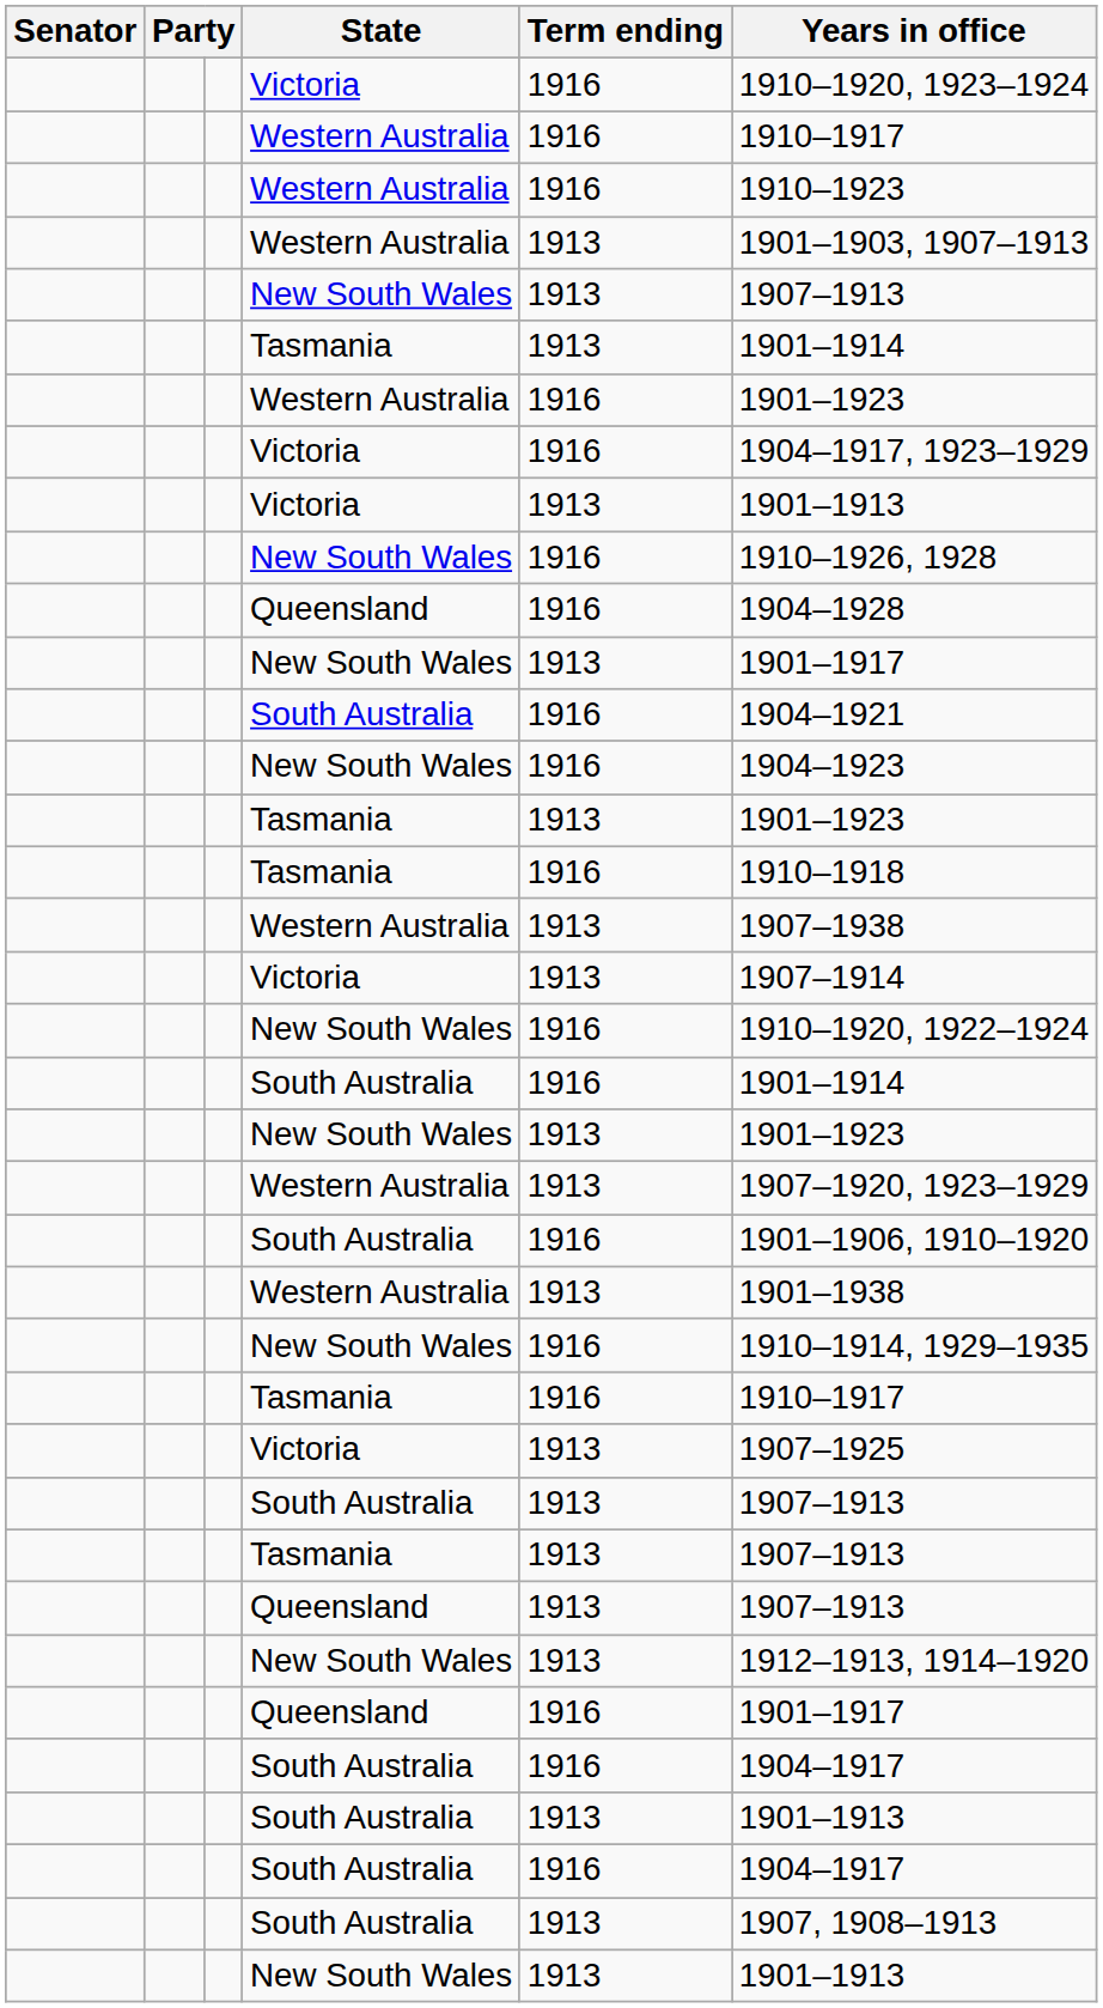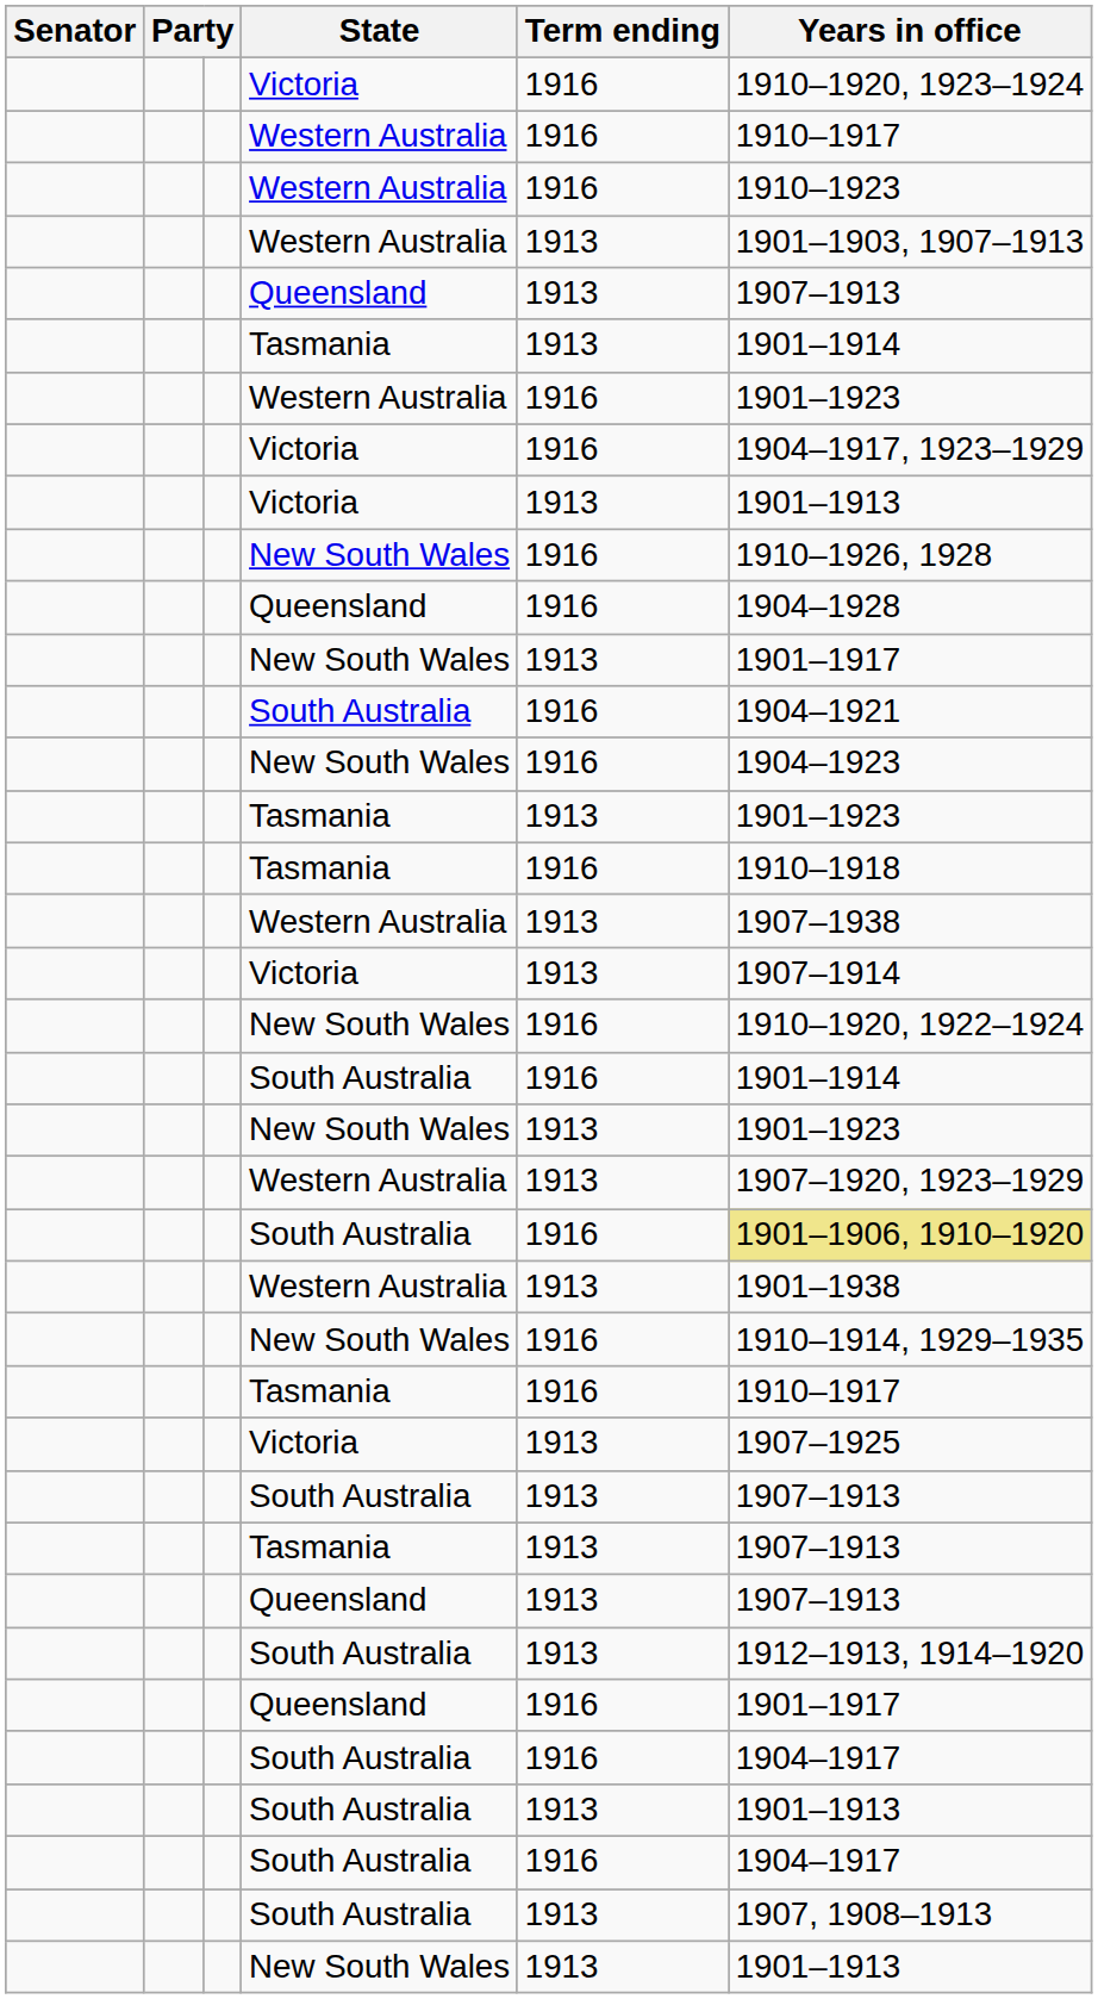 <table class="wikitable sortable">
 <tr>
 <th>Senator</th>
 <th colspan=2>Party</th>
 <th>State</th>
 <th>Term ending</th>
 <th>Years in office</th>
 </tr>
 <tr>
 <td></td>
 <td> </td>
 <td></td>
 <td><a href='#'>Victoria</a></td>
 <td>1916</td>
 <td>1910–1920, 1923–1924</td>
 </tr>
 <tr>
 <td></td>
 <td> </td>
 <td></td>
 <td><a href='#'>Western Australia</a></td>
 <td>1916</td>
 <td>1910–1917</td>
 </tr>
 <tr>
 <td></td>
 <td> </td>
 <td></td>
 <td><a href='#'>Western Australia</a></td>
 <td>1916</td>
 <td>1910–1923</td>
 </tr>
 <tr>
 <td></td>
 <td> </td>
 <td></td>
 <td>Western Australia</td>
 <td>1913</td>
 <td>1901–1903, 1907–1913</td>
 </tr>
 <tr>
 <td></td>
 <td> </td>
 <td></td>
-<td><a href='#'>New South Wales</a></td>
+<td><a href='#'>Queensland</a></td>
 <td>1913</td>
 <td>1907–1913</td>
 </tr>
 <tr>
 <td></td>
 <td> </td>
 <td></td>
 <td>Tasmania</td>
 <td>1913</td>
 <td>1901–1914</td>
 </tr>
 <tr>
 <td></td>
 <td> </td>
 <td></td>
 <td>Western Australia</td>
 <td>1916</td>
 <td>1901–1923</td>
 </tr>
 <tr>
 <td></td>
 <td> </td>
 <td></td>
 <td>Victoria</td>
 <td>1916</td>
 <td>1904–1917, 1923–1929</td>
 </tr>
 <tr>
 <td></td>
 <td> </td>
 <td></td>
 <td>Victoria</td>
 <td>1913</td>
 <td>1901–1913</td>
 </tr>
 <tr>
 <td></td>
 <td> </td>
 <td></td>
 <td><a href='#'>New South Wales</a></td>
 <td>1916</td>
 <td>1910–1926, 1928</td>
 </tr>
 <tr>
 <td></td>
 <td> </td>
 <td></td>
 <td>Queensland</td>
 <td>1916</td>
 <td>1904–1928</td>
 </tr>
 <tr>
 <td></td>
 <td> </td>
 <td></td>
 <td>New South Wales</td>
 <td>1913</td>
 <td>1901–1917</td>
 </tr>
 <tr>
 <td></td>
 <td> </td>
 <td></td>
 <td><a href='#'>South Australia</a></td>
 <td>1916</td>
 <td>1904–1921</td>
 </tr>
 <tr>
 <td></td>
 <td> </td>
 <td></td>
 <td>New South Wales</td>
 <td>1916</td>
 <td>1904–1923</td>
 </tr>
 <tr>
 <td></td>
 <td> </td>
 <td></td>
 <td>Tasmania</td>
 <td>1913</td>
 <td>1901–1923</td>
 </tr>
 <tr>
 <td></td>
 <td> </td>
 <td></td>
 <td>Tasmania</td>
 <td>1916</td>
 <td>1910–1918</td>
 </tr>
 <tr>
 <td></td>
 <td> </td>
 <td></td>
 <td>Western Australia</td>
 <td>1913</td>
 <td>1907–1938</td>
 </tr>
 <tr>
 <td></td>
 <td> </td>
 <td></td>
 <td>Victoria</td>
 <td>1913</td>
 <td>1907–1914</td>
 </tr>
 <tr>
 <td></td>
 <td> </td>
 <td></td>
 <td>New South Wales</td>
 <td>1916</td>
 <td>1910–1920, 1922–1924</td>
 </tr>
 <tr>
 <td></td>
 <td> </td>
 <td></td>
 <td>South Australia</td>
 <td>1916</td>
 <td>1901–1914</td>
 </tr>
 <tr>
 <td></td>
 <td> </td>
 <td></td>
 <td>New South Wales</td>
 <td>1913</td>
 <td>1901–1923</td>
 </tr>
 <tr>
 <td></td>
 <td> </td>
 <td></td>
 <td>Western Australia</td>
 <td>1913</td>
 <td>1907–1920, 1923–1929</td>
 </tr>
 <tr>
 <td></td>
 <td> </td>
 <td></td>
 <td>South Australia</td>
 <td>1916</td>
-<td>1901–1906, 1910–1920</td>
+<td style="background: khaki;">1901–1906, 1910–1920</td>
 </tr>
 <tr>
 <td></td>
 <td> </td>
 <td></td>
 <td>Western Australia</td>
 <td>1913</td>
 <td>1901–1938</td>
 </tr>
 <tr>
 <td></td>
 <td> </td>
 <td></td>
 <td>New South Wales</td>
 <td>1916</td>
 <td>1910–1914, 1929–1935</td>
 </tr>
 <tr>
 <td></td>
 <td> </td>
 <td></td>
 <td>Tasmania</td>
 <td>1916</td>
 <td>1910–1917</td>
 </tr>
 <tr>
 <td></td>
 <td> </td>
 <td></td>
 <td>Victoria</td>
 <td>1913</td>
 <td>1907–1925</td>
 </tr>
 <tr>
 <td> </td>
 <td> </td>
 <td></td>
 <td>South Australia</td>
 <td>1913</td>
 <td>1907–1913</td>
 </tr>
 <tr>
 <td></td>
 <td> </td>
 <td></td>
 <td>Tasmania</td>
 <td>1913</td>
 <td>1907–1913</td>
 </tr>
 <tr>
 <td></td>
 <td> </td>
 <td></td>
 <td>Queensland</td>
 <td>1913</td>
 <td>1907–1913</td>
 </tr>
 <tr>
 <td> </td>
 <td> </td>
 <td></td>
-<td>New South Wales</td>
+<td>South Australia</td>
 <td>1913 </td>
 <td>1912–1913, 1914–1920</td>
 </tr>
 <tr>
 <td></td>
 <td> </td>
 <td></td>
 <td>Queensland</td>
 <td>1916</td>
 <td>1901–1917</td>
 </tr>
 <tr>
 <td></td>
 <td> </td>
 <td></td>
 <td>South Australia</td>
 <td>1916</td>
 <td>1904–1917</td>
 </tr>
 <tr>
 <td></td>
 <td> </td>
 <td> </td>
 <td>South Australia</td>
 <td>1913</td>
 <td>1901–1913</td>
 </tr>
 <tr>
 <td></td>
 <td> </td>
 <td></td>
 <td>South Australia</td>
 <td>1916</td>
 <td>1904–1917</td>
 </tr>
 <tr>
 <td></td>
 <td> </td>
 <td></td>
 <td>South Australia</td>
 <td>1913</td>
 <td>1907, 1908–1913</td>
 </tr>
 <tr>
 <td></td>
 <td> </td>
 <td></td>
 <td>New South Wales</td>
 <td>1913</td>
 <td>1901–1913</td>
 </tr>
 </table>
